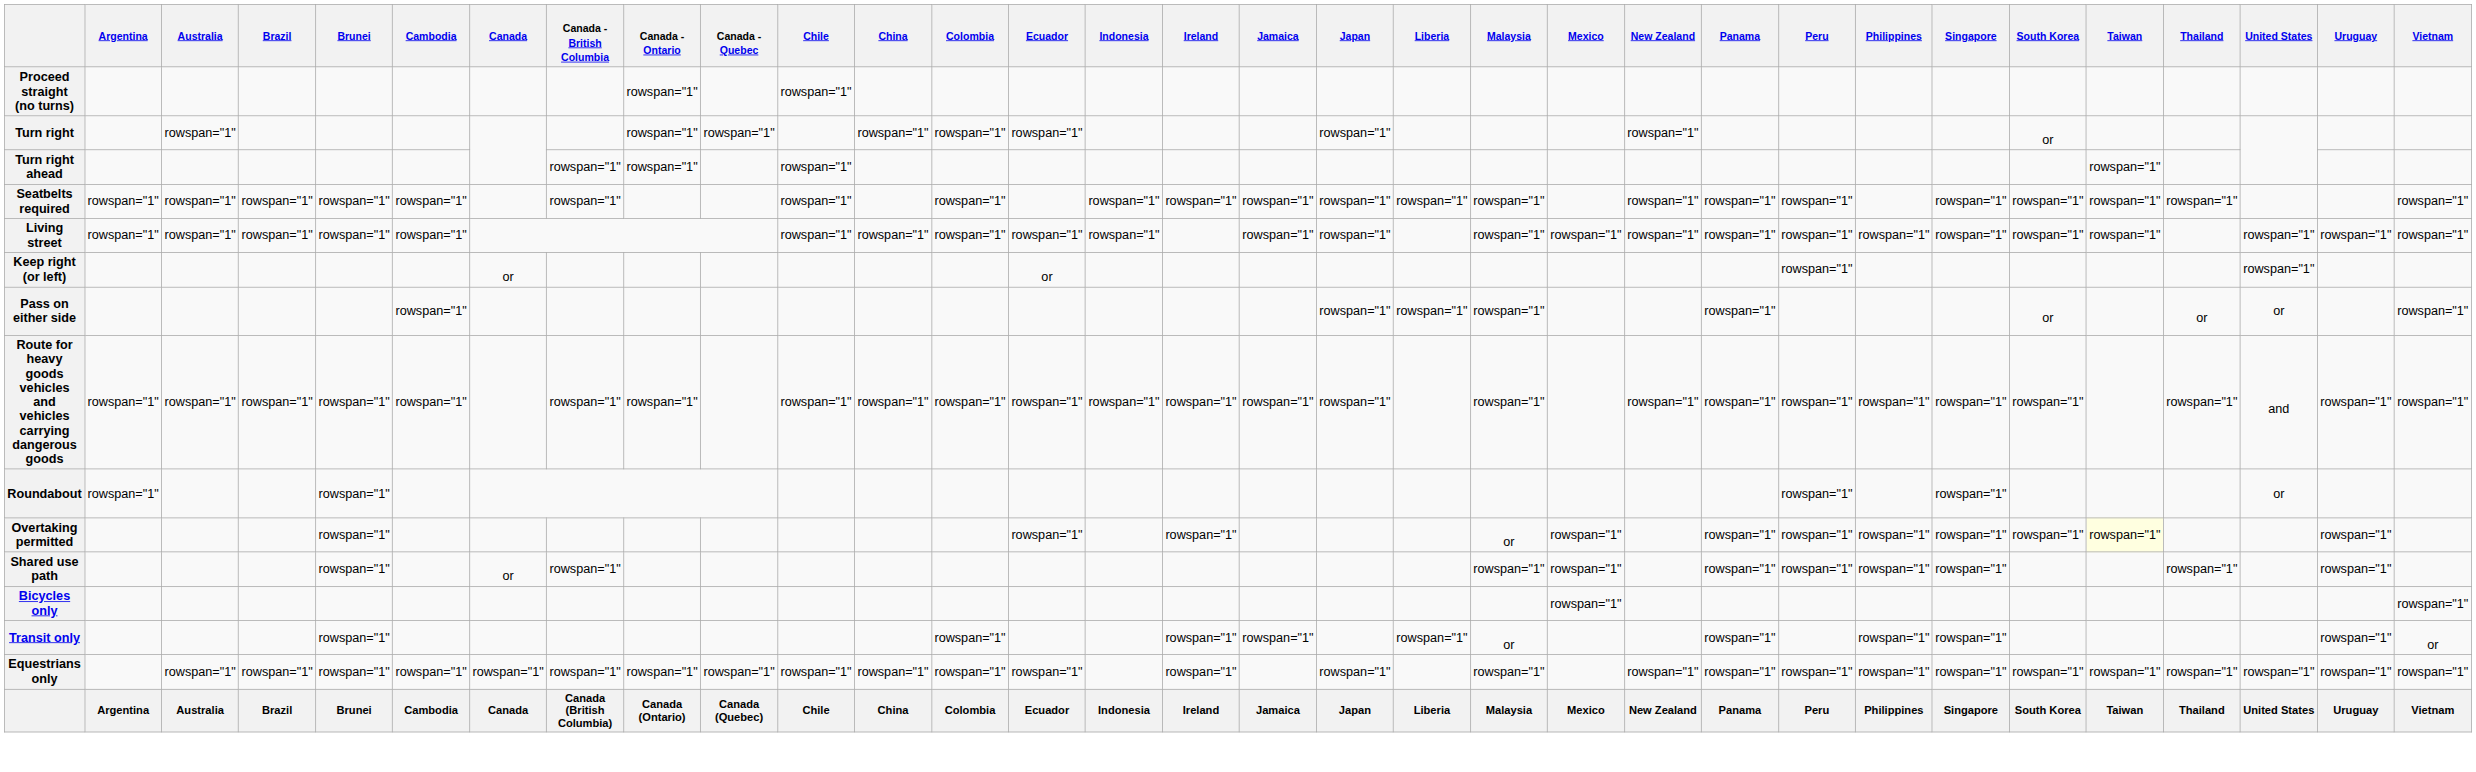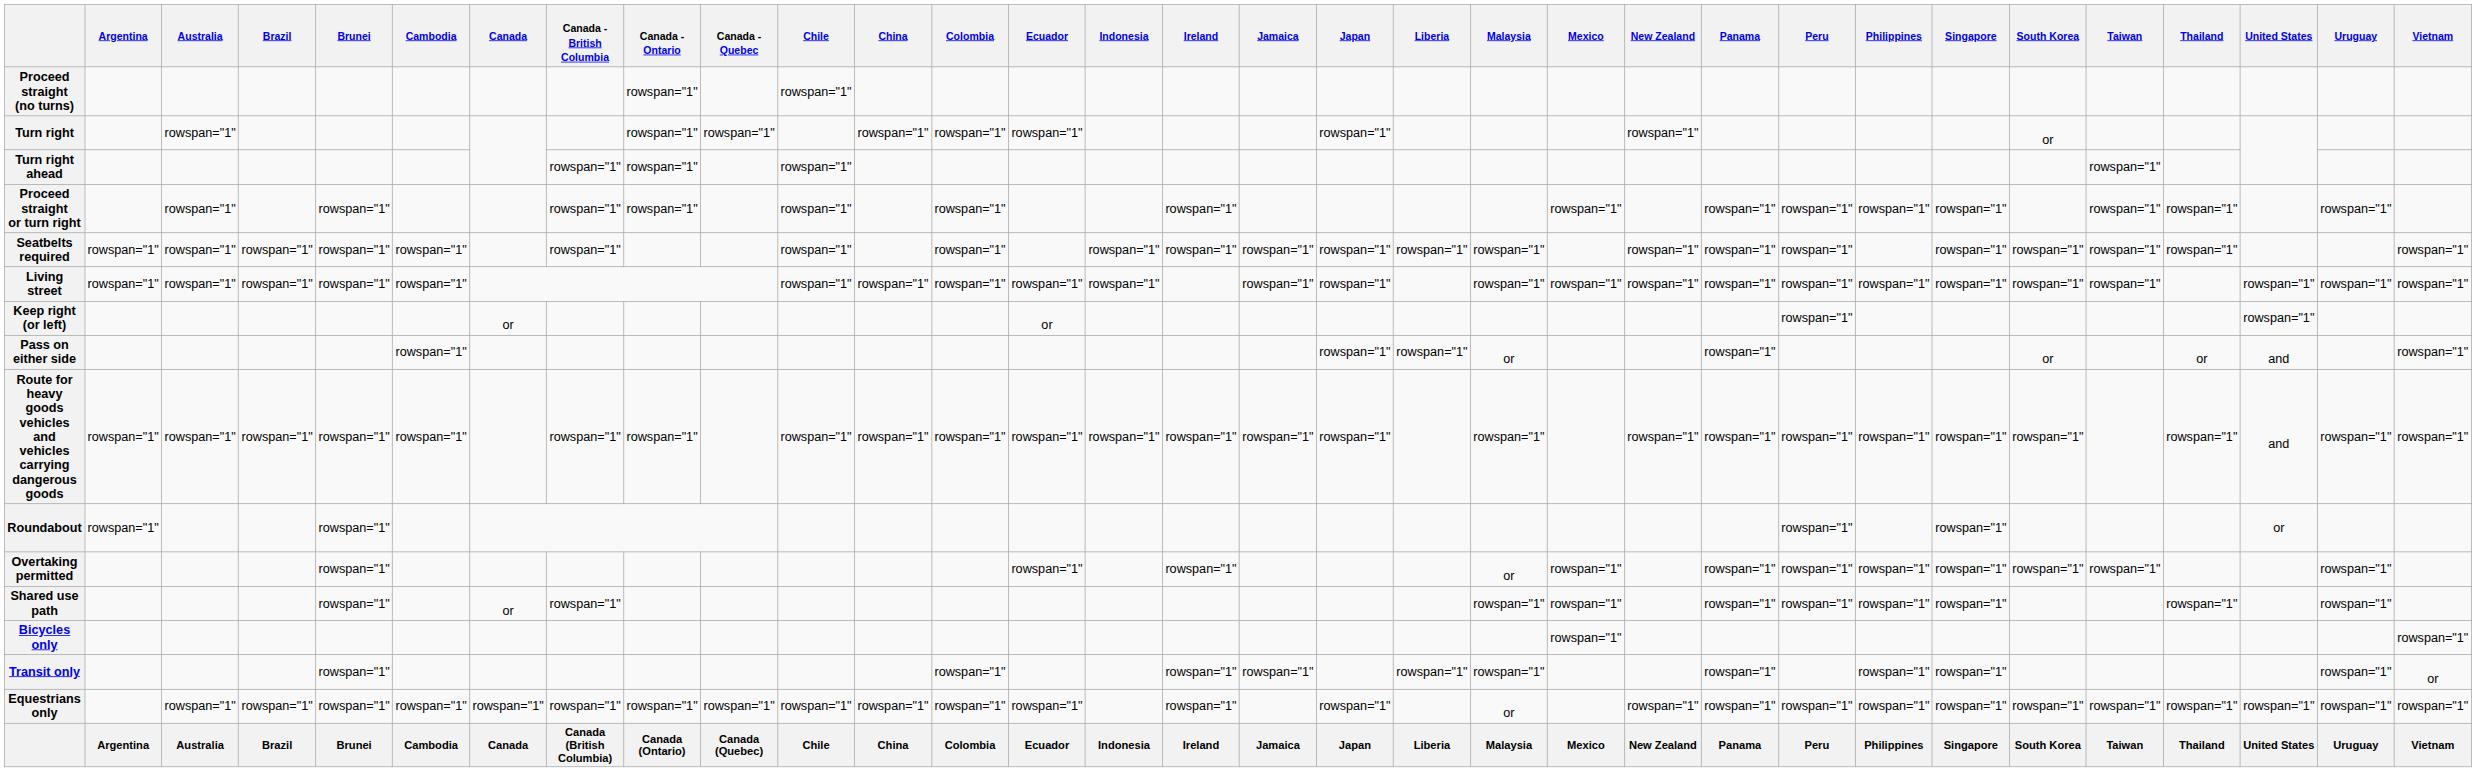 <table class="wikitable" style="text-align: center;">
 <tr>
 <th width="5" scope="col"> </th>
 <th> <br><small><a href='#'>Argentina</a><br>  </small></th>
 <th> <br><small><a href='#'>Australia</a><br>  </small></th>
 <th> <br><small><a href='#'>Brazil</a><br>  </small></th>
 <th> <br><small><a href='#'>Brunei</a><br>  </small></th>
 <th> <br><small><a href='#'>Cambodia</a><br>  </small></th>
 <th> <br><small><a href='#'>Canada</a><br>  </small></th>
 <th> <br><small>Canada -<br><a href='#'>British Columbia</a></small></th>
 <th> <br><small>Canada -<br><a href='#'>Ontario</a></small></th>
 <th> <br><small>Canada -<br><a href='#'>Quebec</a></small></th>
 <th> <br><small><a href='#'>Chile</a><br>  </small></th>
 <th> <br><small><a href='#'>China</a><br>  </small></th>
 <th> <br><small><a href='#'>Colombia</a><br>  </small></th>
 <th> <br><small><a href='#'>Ecuador</a><br>  </small></th>
 <th> <br><small><a href='#'>Indonesia</a><br>  </small></th>
 <th> <br><small><a href='#'>Ireland</a><br>  </small></th>
 <th> <br><small><a href='#'>Jamaica</a><br>  </small></th>
 <th> <br><small><a href='#'>Japan</a><br>  </small></th>
 <th> <br><small><a href='#'>Liberia</a><br>  </small></th>
 <th> <br><small><a href='#'>Malaysia</a><br>  </small></th>
 <th> <br><small><a href='#'>Mexico</a><br>  </small></th>
 <th> <br><small><a href='#'>New Zealand</a><br>  </small></th>
 <th> <br><small><a href='#'>Panama</a><br>  </small></th>
 <th> <br><small><a href='#'>Peru</a><br>  </small></th>
 <th> <br><small><a href='#'>Philippines</a><br>  </small></th>
 <th> <br><small><a href='#'>Singapore</a><br>  </small></th>
 <th> <br><small><a href='#'>South Korea</a><br>  </small></th>
 <th> <br><small><a href='#'>Taiwan</a><br>  </small></th>
 <th> <br><small><a href='#'>Thailand</a><br>  </small></th>
 <th width="138" scope="col"> <br><small><a href='#'>United States</a><br>  </small></th>
 <th> <br><small><a href='#'>Uruguay</a><br>  </small></th>
 <th> <br><small><a href='#'>Vietnam</a><br>  </small></th>
 </tr>
 <tr>
 <th>Proceed<br>straight<br>(no turns)</th>
 <td></td>
 <td></td>
 <td></td>
 <td></td>
 <td></td>
 <td></td>
 <td></td>
 <td>rowspan="1" <br></td>
 <td></td>
 <td>rowspan="1" </td>
 <td></td>
 <td></td>
 <td></td>
 <td></td>
 <td></td>
 <td></td>
 <td></td>
 <td></td>
 <td></td>
 <td></td>
 <td></td>
 <td></td>
 <td></td>
 <td></td>
 <td></td>
 <td></td>
 <td></td>
 <td></td>
 <td></td>
 <td></td>
 <td></td>
 </tr>
 <tr>
 <th>Turn right</th>
 <td></td>
 <td>rowspan="1" </td>
 <td></td>
 <td></td>
 <td></td>
 <td rowspan="2"></td>
 <td></td>
 <td>rowspan="1" <br></td>
 <td>rowspan="1" </td>
 <td></td>
 <td>rowspan="1" </td>
 <td>rowspan="1" </td>
 <td>rowspan="1" </td>
 <td></td>
 <td></td>
 <td></td>
 <td>rowspan="1" </td>
 <td></td>
 <td></td>
 <td></td>
 <td>rowspan="1" </td>
 <td></td>
 <td></td>
 <td></td>
 <td></td>
 <td><br>or<br></td>
 <td></td>
 <td></td>
 <td rowspan="2"></td>
 <td></td>
 <td></td>
 </tr>
 <tr>
 <th>Turn right<br>ahead</th>
 <td></td>
 <td></td>
 <td></td>
 <td></td>
 <td></td>
 <td>rowspan="1" </td>
 <td>rowspan="1" <br></td>
 <td></td>
 <td>rowspan="1" </td>
 <td></td>
 <td></td>
 <td></td>
 <td></td>
 <td></td>
 <td></td>
 <td></td>
 <td></td>
 <td></td>
 <td></td>
 <td></td>
 <td></td>
 <td></td>
 <td></td>
 <td></td>
 <td></td>
 <td>rowspan="1" </td>
 <td></td>
 <td></td>
 <td></td>
 </tr>
 <tr>
+<th>Proceed<br>straight<br>or turn right</th>
+<td></td>
+<td>rowspan="1" </td>
+<td></td>
+<td>rowspan="1" </td>
+<td></td>
+<td></td>
+<td>rowspan="1" </td>
+<td>rowspan="1" <br></td>
+<td></td>
+<td>rowspan="1" </td>
+<td></td>
+<td>rowspan="1" </td>
+<td></td>
+<td></td>
+<td>rowspan="1" </td>
+<td></td>
+<td></td>
+<td></td>
+<td></td>
+<td>rowspan="1" </td>
+<td></td>
+<td>rowspan="1" </td>
+<td>rowspan="1" </td>
+<td>rowspan="1" </td>
+<td>rowspan="1" </td>
+<td></td>
+<td>rowspan="1" </td>
+<td>rowspan="1" </td>
+<td></td>
+<td>rowspan="1" </td>
+<td></td>
+</tr>
+<tr>
 <th>Seatbelts required</th>
 <td>rowspan="1" </td>
 <td>rowspan="1" </td>
 <td>rowspan="1" </td>
 <td>rowspan="1" </td>
 <td>rowspan="1" </td>
 <td></td>
 <td>rowspan="1" </td>
 <td></td>
 <td></td>
 <td>rowspan="1" </td>
 <td></td>
 <td>rowspan="1" </td>
 <td></td>
 <td>rowspan="1" </td>
 <td>rowspan="1" </td>
 <td>rowspan="1" </td>
 <td>rowspan="1" </td>
 <td>rowspan="1" </td>
 <td>rowspan="1" </td>
 <td></td>
 <td>rowspan="1" </td>
 <td>rowspan="1" </td>
 <td>rowspan="1" </td>
 <td></td>
 <td>rowspan="1" </td>
 <td>rowspan="1" </td>
 <td>rowspan="1" </td>
 <td>rowspan="1" </td>
 <td></td>
 <td></td>
 <td>rowspan="1" </td>
 </tr>
 <tr>
 <th>Living street</th>
 <td>rowspan="1" </td>
 <td>rowspan="1" </td>
 <td>rowspan="1" </td>
 <td>rowspan="1" </td>
 <td>rowspan="1" </td>
 <td colspan="4"></td>
 <td>rowspan="1" </td>
 <td>rowspan="1" </td>
 <td>rowspan="1" </td>
 <td>rowspan="1" </td>
 <td>rowspan="1" </td>
 <td></td>
 <td>rowspan="1" </td>
 <td>rowspan="1" </td>
 <td></td>
 <td>rowspan="1" </td>
 <td>rowspan="1" </td>
 <td>rowspan="1" </td>
 <td>rowspan="1" </td>
 <td>rowspan="1" </td>
 <td>rowspan="1" </td>
 <td>rowspan="1" </td>
 <td>rowspan="1" </td>
 <td>rowspan="1" </td>
 <td></td>
 <td>rowspan="1" </td>
 <td>rowspan="1" </td>
 <td>rowspan="1" </td>
 </tr>
 <tr>
 <th>Keep right<br>(or left)</th>
 <td></td>
 <td></td>
 <td></td>
 <td></td>
 <td></td>
 <td><br>or<br></td>
 <td></td>
 <td></td>
 <td></td>
 <td></td>
 <td></td>
 <td></td>
 <td><br>or<br></td>
 <td></td>
 <td></td>
 <td></td>
 <td></td>
 <td></td>
 <td></td>
 <td></td>
 <td></td>
 <td></td>
 <td>rowspan="1" </td>
 <td></td>
 <td></td>
 <td></td>
 <td></td>
 <td></td>
 <td>rowspan="1" </td>
 <td></td>
 <td></td>
 </tr>
 <tr>
 <th>Pass on<br>either side</th>
 <td></td>
 <td></td>
 <td></td>
 <td></td>
 <td>rowspan="1" </td>
 <td></td>
 <td></td>
 <td></td>
 <td></td>
 <td></td>
 <td></td>
 <td></td>
 <td></td>
 <td></td>
 <td></td>
 <td></td>
 <td>rowspan="1" </td>
 <td>rowspan="1" </td>
-<td>rowspan="1" </td>
+<td><br>or<br></td>
 <td></td>
 <td></td>
 <td>rowspan="1" </td>
 <td></td>
 <td></td>
 <td></td>
 <td><br>or<br></td>
 <td></td>
 <td><br>or<br></td>
-<td><br>or<br><br></td>
+<td><br>and<br></td>
 <td></td>
 <td>rowspan="1" </td>
 </tr>
 <tr>
 <th>Route for heavy goods vehicles and vehicles carrying dangerous goods</th>
 <td>rowspan="1" </td>
 <td>rowspan="1" </td>
 <td>rowspan="1" </td>
 <td>rowspan="1" </td>
 <td>rowspan="1" </td>
 <td></td>
 <td>rowspan="1" </td>
 <td>rowspan="1" </td>
 <td></td>
 <td>rowspan="1" </td>
 <td>rowspan="1" </td>
 <td>rowspan="1" </td>
 <td>rowspan="1" </td>
 <td>rowspan="1" </td>
 <td>rowspan="1" </td>
 <td>rowspan="1" </td>
 <td>rowspan="1" </td>
 <td></td>
 <td>rowspan="1" </td>
 <td></td>
 <td>rowspan="1" </td>
 <td>rowspan="1" </td>
 <td>rowspan="1" </td>
 <td>rowspan="1" </td>
 <td>rowspan="1" </td>
 <td>rowspan="1" </td>
 <td></td>
 <td>rowspan="1" </td>
 <td><br>and<br></td>
 <td>rowspan="1" </td>
 <td>rowspan="1" </td>
 </tr>
 <tr>
 <th>Roundabout</th>
 <td>rowspan="1" </td>
 <td></td>
 <td></td>
 <td>rowspan="1" </td>
 <td></td>
 <td colspan="4"></td>
 <td></td>
 <td></td>
 <td></td>
 <td></td>
 <td></td>
 <td><br></td>
 <td></td>
 <td></td>
 <td></td>
 <td></td>
 <td><br><br></td>
 <td></td>
 <td></td>
 <td>rowspan="1" </td>
 <td></td>
 <td>rowspan="1" </td>
 <td></td>
 <td></td>
 <td></td>
 <td><br>or<br><br></td>
 <td></td>
 <td></td>
 </tr>
 <tr>
 <th>Overtaking<br>permitted<br></th>
 <td></td>
 <td></td>
 <td></td>
 <td>rowspan="1" </td>
 <td></td>
 <td></td>
 <td></td>
 <td></td>
 <td><br></td>
 <td></td>
 <td></td>
 <td></td>
 <td>rowspan="1" </td>
 <td></td>
 <td>rowspan="1" </td>
 <td></td>
 <td><br></td>
 <td></td>
 <td><br>or<br></td>
 <td>rowspan="1" </td>
 <td></td>
 <td>rowspan="1" </td>
 <td>rowspan="1" </td>
 <td>rowspan="1" </td>
 <td>rowspan="1" </td>
 <td>rowspan="1" </td>
-<td style="background: lightyellow;">rowspan="1" </td>
+<td>rowspan="1" </td>
 <td></td>
 <td></td>
 <td>rowspan="1" </td>
 <td></td>
 </tr>
 <tr>
 <th>Shared use path</th>
 <td></td>
 <td></td>
 <td></td>
 <td>rowspan="1" </td>
 <td></td>
 <td><br>or<br></td>
 <td>rowspan="1" </td>
 <td></td>
 <td></td>
 <td></td>
 <td></td>
 <td></td>
 <td></td>
 <td></td>
 <td></td>
 <td></td>
 <td></td>
 <td></td>
 <td>rowspan="1" </td>
 <td>rowspan="1" </td>
 <td></td>
 <td>rowspan="1" </td>
 <td>rowspan="1" </td>
 <td>rowspan="1" </td>
 <td>rowspan="1" </td>
 <td></td>
 <td></td>
 <td>rowspan="1" </td>
 <td></td>
 <td>rowspan="1" </td>
 <td></td>
 </tr>
 <tr>
 <th><a href='#'>Bicycles only</a></th>
 <td></td>
 <td></td>
 <td></td>
 <td></td>
 <td></td>
 <td></td>
 <td></td>
 <td></td>
 <td></td>
 <td></td>
 <td></td>
 <td></td>
 <td></td>
 <td></td>
 <td></td>
 <td></td>
 <td></td>
 <td></td>
 <td></td>
 <td>rowspan="1" </td>
 <td></td>
 <td></td>
 <td></td>
 <td></td>
 <td></td>
 <td></td>
 <td></td>
 <td></td>
 <td></td>
 <td></td>
 <td>rowspan="1" </td>
 </tr>
 <tr>
 <th><a href='#'>Transit only</a></th>
 <td></td>
 <td></td>
 <td></td>
 <td>rowspan="1" </td>
 <td></td>
 <td></td>
 <td></td>
 <td></td>
 <td></td>
 <td></td>
 <td></td>
 <td>rowspan="1" </td>
 <td></td>
 <td></td>
 <td>rowspan="1" </td>
 <td>rowspan="1" </td>
 <td></td>
 <td>rowspan="1" </td>
-<td><br>or<br></td>
+<td>rowspan="1" </td>
 <td></td>
 <td></td>
 <td>rowspan="1" </td>
 <td></td>
 <td>rowspan="1" </td>
 <td>rowspan="1" </td>
 <td></td>
 <td></td>
 <td></td>
 <td></td>
 <td>rowspan="1" </td>
 <td><br>or<br></td>
 </tr>
 <tr>
 <th>Equestrians only</th>
 <td></td>
 <td>rowspan="1" </td>
 <td>rowspan="1" </td>
 <td>rowspan="1" </td>
 <td>rowspan="1" </td>
 <td>rowspan="1" </td>
 <td>rowspan="1" </td>
 <td>rowspan="1" </td>
 <td>rowspan="1" </td>
 <td>rowspan="1" </td>
 <td>rowspan="1" </td>
 <td>rowspan="1" </td>
 <td>rowspan="1" </td>
 <td></td>
 <td>rowspan="1" </td>
 <td></td>
 <td>rowspan="1" </td>
 <td></td>
-<td>rowspan="1" </td>
+<td><br>or<br></td>
 <td></td>
 <td>rowspan="1" </td>
 <td>rowspan="1" </td>
 <td>rowspan="1" </td>
 <td>rowspan="1" </td>
 <td>rowspan="1" </td>
 <td>rowspan="1" </td>
 <td>rowspan="1" </td>
 <td>rowspan="1" </td>
 <td>rowspan="1" </td>
 <td>rowspan="1" </td>
 <td>rowspan="1" </td>
 </tr>
 <tr style="font-size: 88%;">
 <th></th>
 <th>Argentina</th>
 <th>Australia</th>
 <th>Brazil</th>
 <th>Brunei</th>
 <th>Cambodia</th>
 <th>Canada</th>
 <th>Canada<br>(British Columbia)</th>
 <th>Canada<br>(Ontario)</th>
 <th>Canada<br>(Quebec)</th>
 <th>Chile</th>
 <th>China</th>
 <th>Colombia</th>
 <th>Ecuador</th>
 <th>Indonesia</th>
 <th>Ireland</th>
 <th>Jamaica</th>
 <th>Japan</th>
 <th>Liberia</th>
 <th>Malaysia</th>
 <th>Mexico</th>
 <th>New Zealand</th>
 <th>Panama</th>
 <th>Peru</th>
 <th>Philippines</th>
 <th>Singapore</th>
 <th>South Korea</th>
 <th>Taiwan</th>
 <th>Thailand</th>
 <th>United States</th>
 <th>Uruguay</th>
 <th>Vietnam</th>
 </tr>
 </table>
